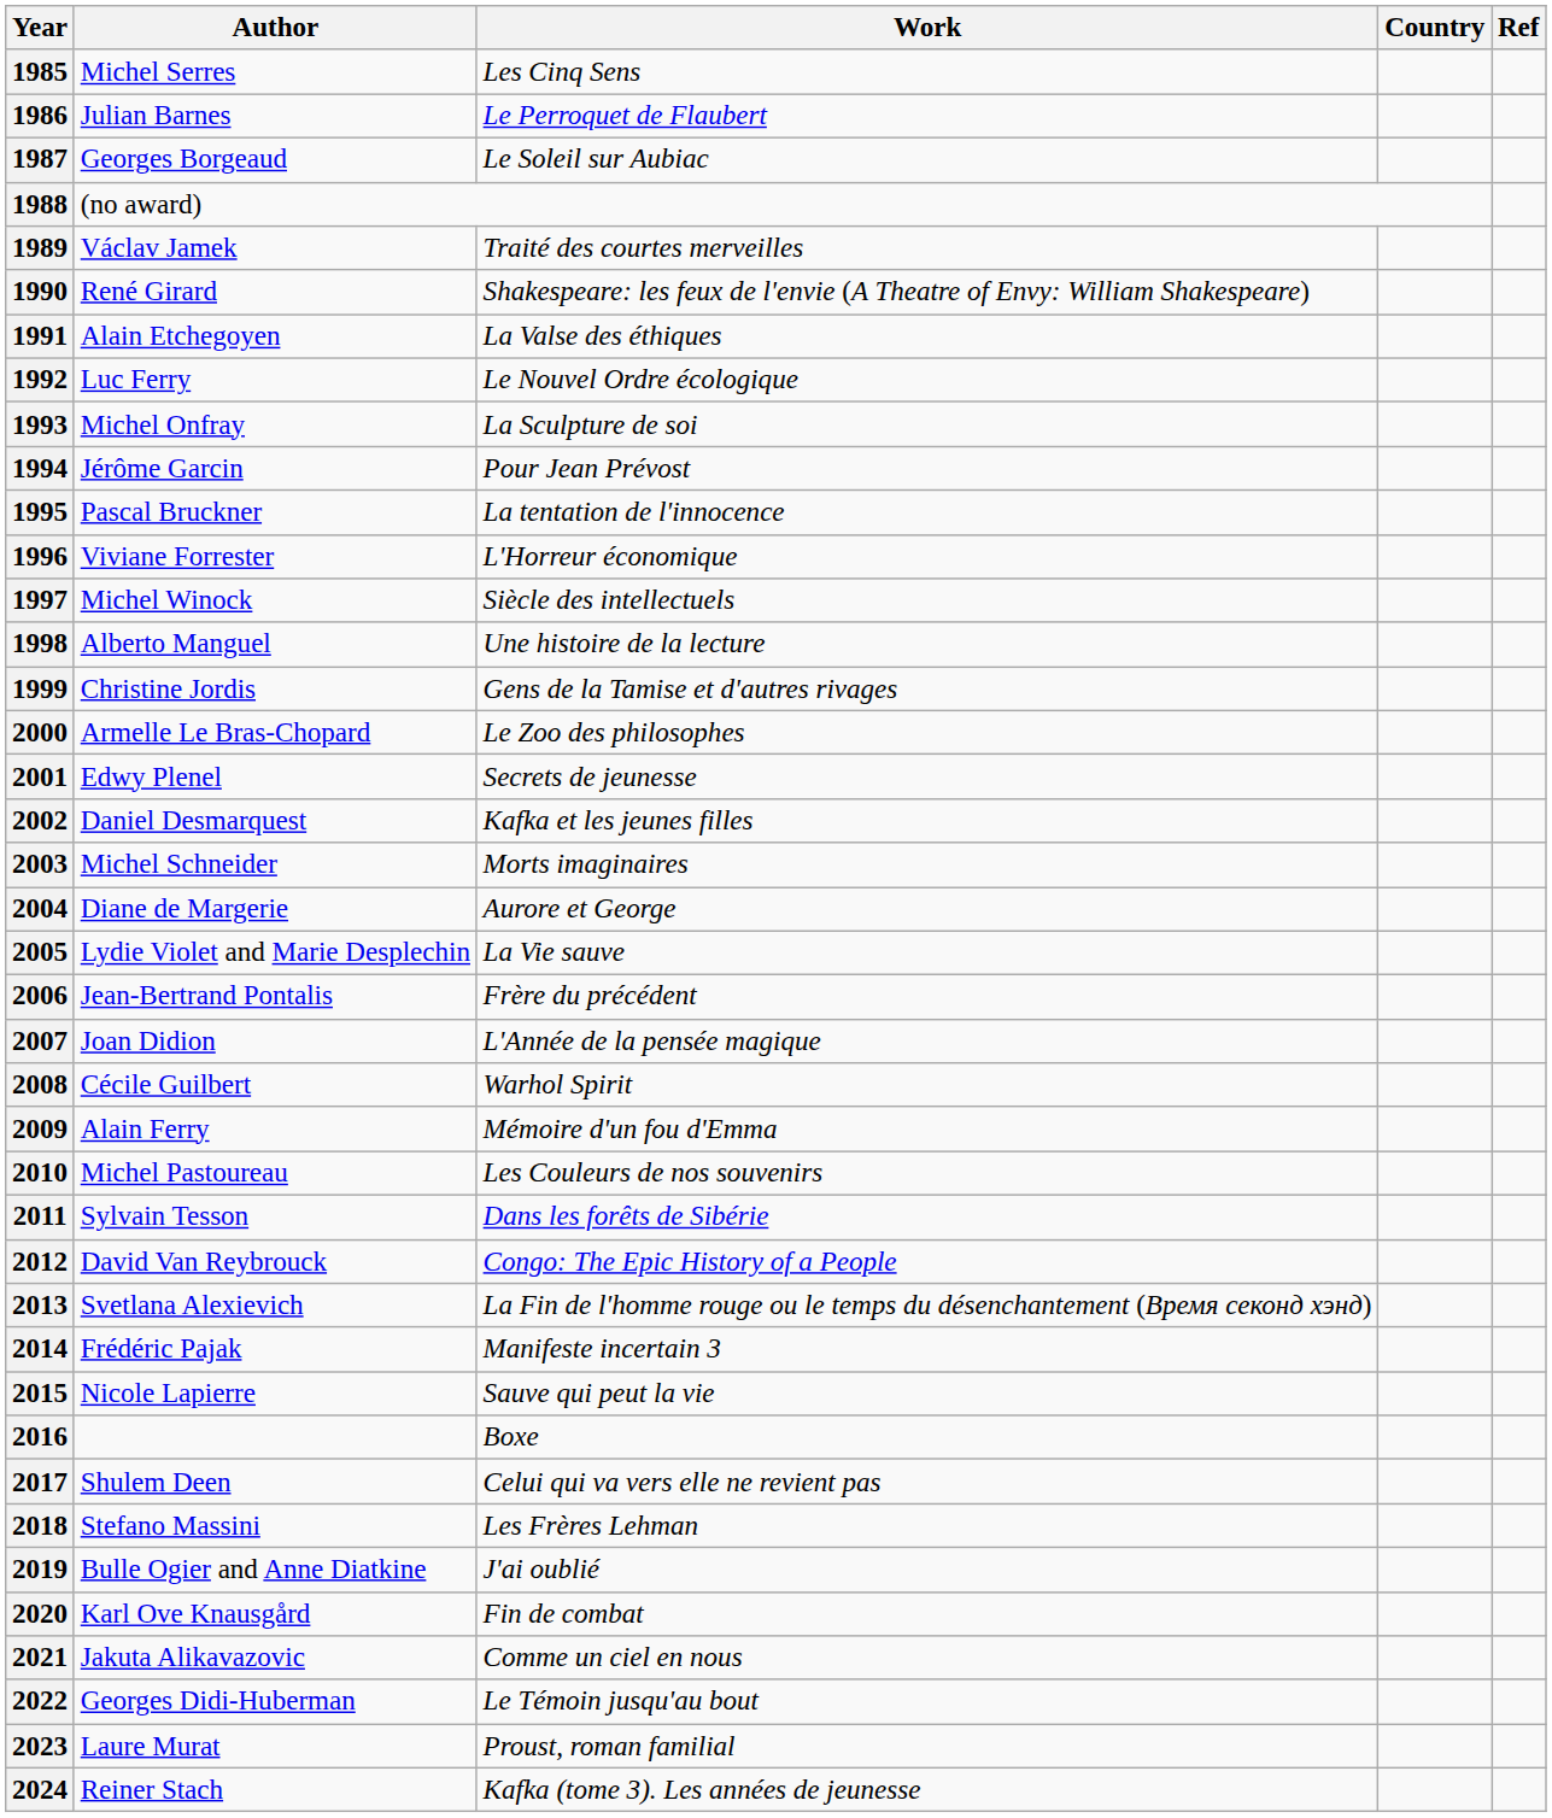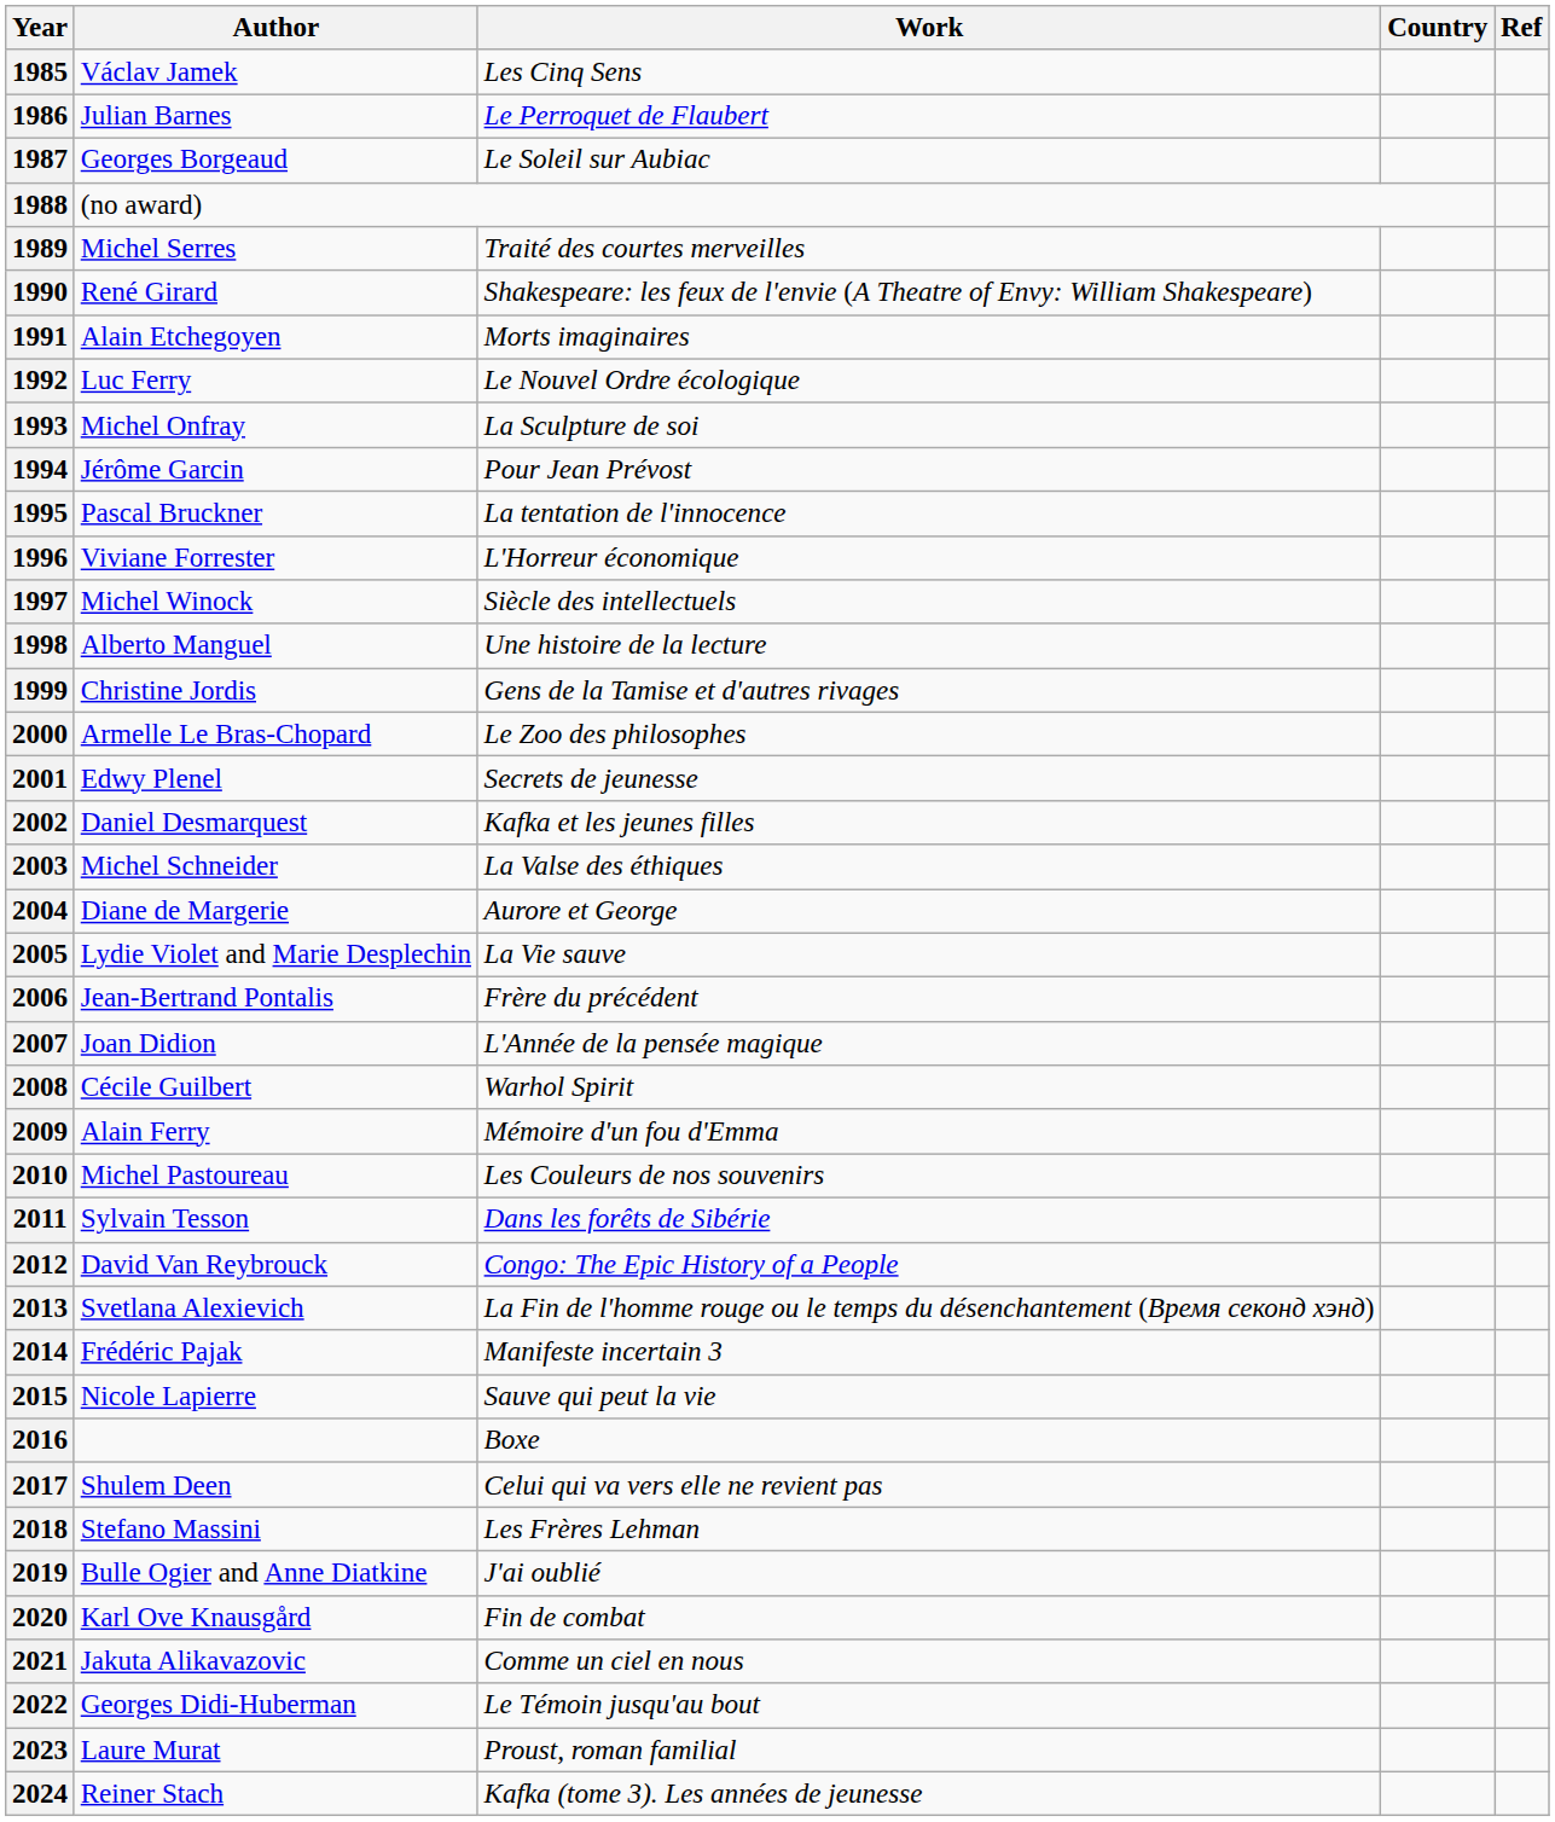 <table class="wikitable sortable">
 <tr>
 <th>Year</th>
 <th>Author</th>
 <th>Work</th>
 <th>Country</th>
 <th>Ref</th>
 </tr>
 <tr>
 <th>1985</th>
-<td><a href='#'>Michel Serres</a></td>
+<td><a href='#'>Václav Jamek</a></td>
 <td><em>Les Cinq Sens</em></td>
 <td></td>
 <td></td>
 </tr>
 <tr>
 <th>1986</th>
 <td><a href='#'>Julian Barnes</a></td>
 <td><em><a href='#'>Le Perroquet de Flaubert</a></em></td>
 <td></td>
 <td></td>
 </tr>
 <tr>
 <th>1987</th>
 <td><a href='#'>Georges Borgeaud</a></td>
 <td><em>Le Soleil sur Aubiac</em></td>
 <td></td>
 <td></td>
 </tr>
 <tr>
 <th>1988</th>
 <td colspan="3">(no award)</td>
 <td></td>
 </tr>
 <tr>
 <th>1989</th>
-<td><a href='#'>Václav Jamek</a></td>
+<td><a href='#'>Michel Serres</a></td>
 <td><em>Traité des courtes merveilles</em></td>
 <td></td>
 <td></td>
 </tr>
 <tr>
 <th>1990</th>
 <td><a href='#'>René Girard</a></td>
 <td><em>Shakespeare: les feux de l'envie</em> (<em>A Theatre of Envy: William Shakespeare</em>)</td>
 <td></td>
 <td></td>
 </tr>
 <tr>
 <th>1991</th>
 <td><a href='#'>Alain Etchegoyen</a></td>
-<td><em>La Valse des éthiques</em></td>
+<td><em>Morts imaginaires</em></td>
 <td></td>
 <td></td>
 </tr>
 <tr>
 <th>1992</th>
 <td><a href='#'>Luc Ferry</a></td>
 <td><em>Le Nouvel Ordre écologique</em></td>
 <td></td>
 <td></td>
 </tr>
 <tr>
 <th>1993</th>
 <td><a href='#'>Michel Onfray</a></td>
 <td><em>La Sculpture de soi</em></td>
 <td></td>
 <td></td>
 </tr>
 <tr>
 <th>1994</th>
 <td><a href='#'>Jérôme Garcin</a></td>
 <td><em>Pour Jean Prévost</em></td>
 <td></td>
 <td></td>
 </tr>
 <tr>
 <th>1995</th>
 <td><a href='#'>Pascal Bruckner</a></td>
 <td><em>La tentation de l'innocence</em></td>
 <td></td>
 <td></td>
 </tr>
 <tr>
 <th>1996</th>
 <td><a href='#'>Viviane Forrester</a></td>
 <td><em>L'Horreur économique</em></td>
 <td></td>
 <td></td>
 </tr>
 <tr>
 <th>1997</th>
 <td><a href='#'>Michel Winock</a></td>
 <td><em>Siècle des intellectuels</em></td>
 <td></td>
 <td></td>
 </tr>
 <tr>
 <th>1998</th>
 <td><a href='#'>Alberto Manguel</a></td>
 <td><em>Une histoire de la lecture</em></td>
 <td></td>
 <td></td>
 </tr>
 <tr>
 <th>1999</th>
 <td><a href='#'>Christine Jordis</a></td>
 <td><em>Gens de la Tamise et d'autres rivages</em></td>
 <td></td>
 <td></td>
 </tr>
 <tr>
 <th>2000</th>
 <td><a href='#'>Armelle Le Bras-Chopard</a></td>
 <td><em>Le Zoo des philosophes</em></td>
 <td></td>
 <td></td>
 </tr>
 <tr>
 <th>2001</th>
 <td><a href='#'>Edwy Plenel</a></td>
 <td><em>Secrets de jeunesse</em></td>
 <td></td>
 <td></td>
 </tr>
 <tr>
 <th>2002</th>
 <td><a href='#'>Daniel Desmarquest</a></td>
 <td><em>Kafka et les jeunes filles</em></td>
 <td></td>
 <td></td>
 </tr>
 <tr>
 <th>2003</th>
 <td><a href='#'>Michel Schneider</a></td>
-<td><em>Morts imaginaires</em></td>
+<td><em>La Valse des éthiques</em></td>
 <td></td>
 <td></td>
 </tr>
 <tr>
 <th>2004</th>
 <td><a href='#'>Diane de Margerie</a></td>
 <td><em>Aurore et George</em></td>
 <td></td>
 <td></td>
 </tr>
 <tr>
 <th>2005</th>
 <td><a href='#'>Lydie Violet</a> and <a href='#'>Marie Desplechin</a></td>
 <td><em>La Vie sauve</em></td>
 <td></td>
 <td></td>
 </tr>
 <tr>
 <th>2006</th>
 <td><a href='#'>Jean-Bertrand Pontalis</a></td>
 <td><em>Frère du précédent</em></td>
 <td></td>
 <td></td>
 </tr>
 <tr>
 <th>2007</th>
 <td><a href='#'>Joan Didion</a></td>
 <td><em>L'Année de la pensée magique</em></td>
 <td></td>
 <td></td>
 </tr>
 <tr>
 <th>2008</th>
 <td><a href='#'>Cécile Guilbert</a></td>
 <td><em>Warhol Spirit</em></td>
 <td></td>
 <td></td>
 </tr>
 <tr>
 <th>2009</th>
 <td><a href='#'>Alain Ferry</a></td>
 <td><em>Mémoire d'un fou d'Emma</em></td>
 <td></td>
 <td></td>
 </tr>
 <tr>
 <th>2010</th>
 <td><a href='#'>Michel Pastoureau</a></td>
 <td><em>Les Couleurs de nos souvenirs</em></td>
 <td></td>
 <td></td>
 </tr>
 <tr>
 <th>2011</th>
 <td><a href='#'>Sylvain Tesson</a></td>
 <td><em><a href='#'>Dans les forêts de Sibérie</a></em></td>
 <td></td>
 <td></td>
 </tr>
 <tr>
 <th>2012</th>
 <td><a href='#'>David Van Reybrouck</a></td>
 <td><em><a href='#'>Congo: The Epic History of a People</a></em></td>
 <td></td>
 <td></td>
 </tr>
 <tr>
 <th>2013</th>
 <td><a href='#'>Svetlana Alexievich</a></td>
 <td><em>La Fin de l'homme rouge ou le temps du désenchantement</em> (<em>Время секонд хэнд</em>)</td>
 <td></td>
 <td></td>
 </tr>
 <tr>
 <th>2014</th>
 <td><a href='#'>Frédéric Pajak</a></td>
 <td><em>Manifeste incertain 3</em></td>
 <td></td>
 <td></td>
 </tr>
 <tr>
 <th>2015</th>
 <td><a href='#'>Nicole Lapierre</a></td>
 <td><em>Sauve qui peut la vie</em></td>
 <td></td>
 <td></td>
 </tr>
 <tr>
 <th>2016</th>
 <td></td>
 <td><em>Boxe</em></td>
 <td></td>
 <td></td>
 </tr>
 <tr>
 <th>2017</th>
 <td><a href='#'>Shulem Deen</a></td>
 <td><em>Celui qui va vers elle ne revient pas</em></td>
 <td></td>
 <td></td>
 </tr>
 <tr>
 <th>2018</th>
 <td><a href='#'>Stefano Massini</a></td>
 <td><em>Les Frères Lehman</em></td>
 <td></td>
 <td></td>
 </tr>
 <tr>
 <th>2019</th>
 <td><a href='#'>Bulle Ogier</a> and <a href='#'>Anne Diatkine</a></td>
 <td><em>J'ai oublié</em></td>
 <td></td>
 <td></td>
 </tr>
 <tr>
 <th>2020</th>
 <td><a href='#'>Karl Ove Knausgård</a></td>
 <td><em>Fin de combat</em></td>
 <td></td>
 <td></td>
 </tr>
 <tr>
 <th>2021</th>
 <td><a href='#'>Jakuta Alikavazovic</a></td>
 <td><em>Comme un ciel en nous</em></td>
 <td></td>
 <td></td>
 </tr>
 <tr>
 <th>2022</th>
 <td><a href='#'>Georges Didi-Huberman</a></td>
 <td><em>Le Témoin jusqu'au bout</em></td>
 <td></td>
 <td></td>
 </tr>
 <tr>
 <th>2023</th>
 <td><a href='#'>Laure Murat</a></td>
 <td><em>Proust, roman familial</em></td>
 <td></td>
 <td></td>
 </tr>
 <tr>
 <th>2024</th>
 <td><a href='#'>Reiner Stach</a></td>
 <td><em>Kafka (tome 3). Les années de jeunesse</em></td>
 <td></td>
 <td></td>
 </tr>
 </table>
